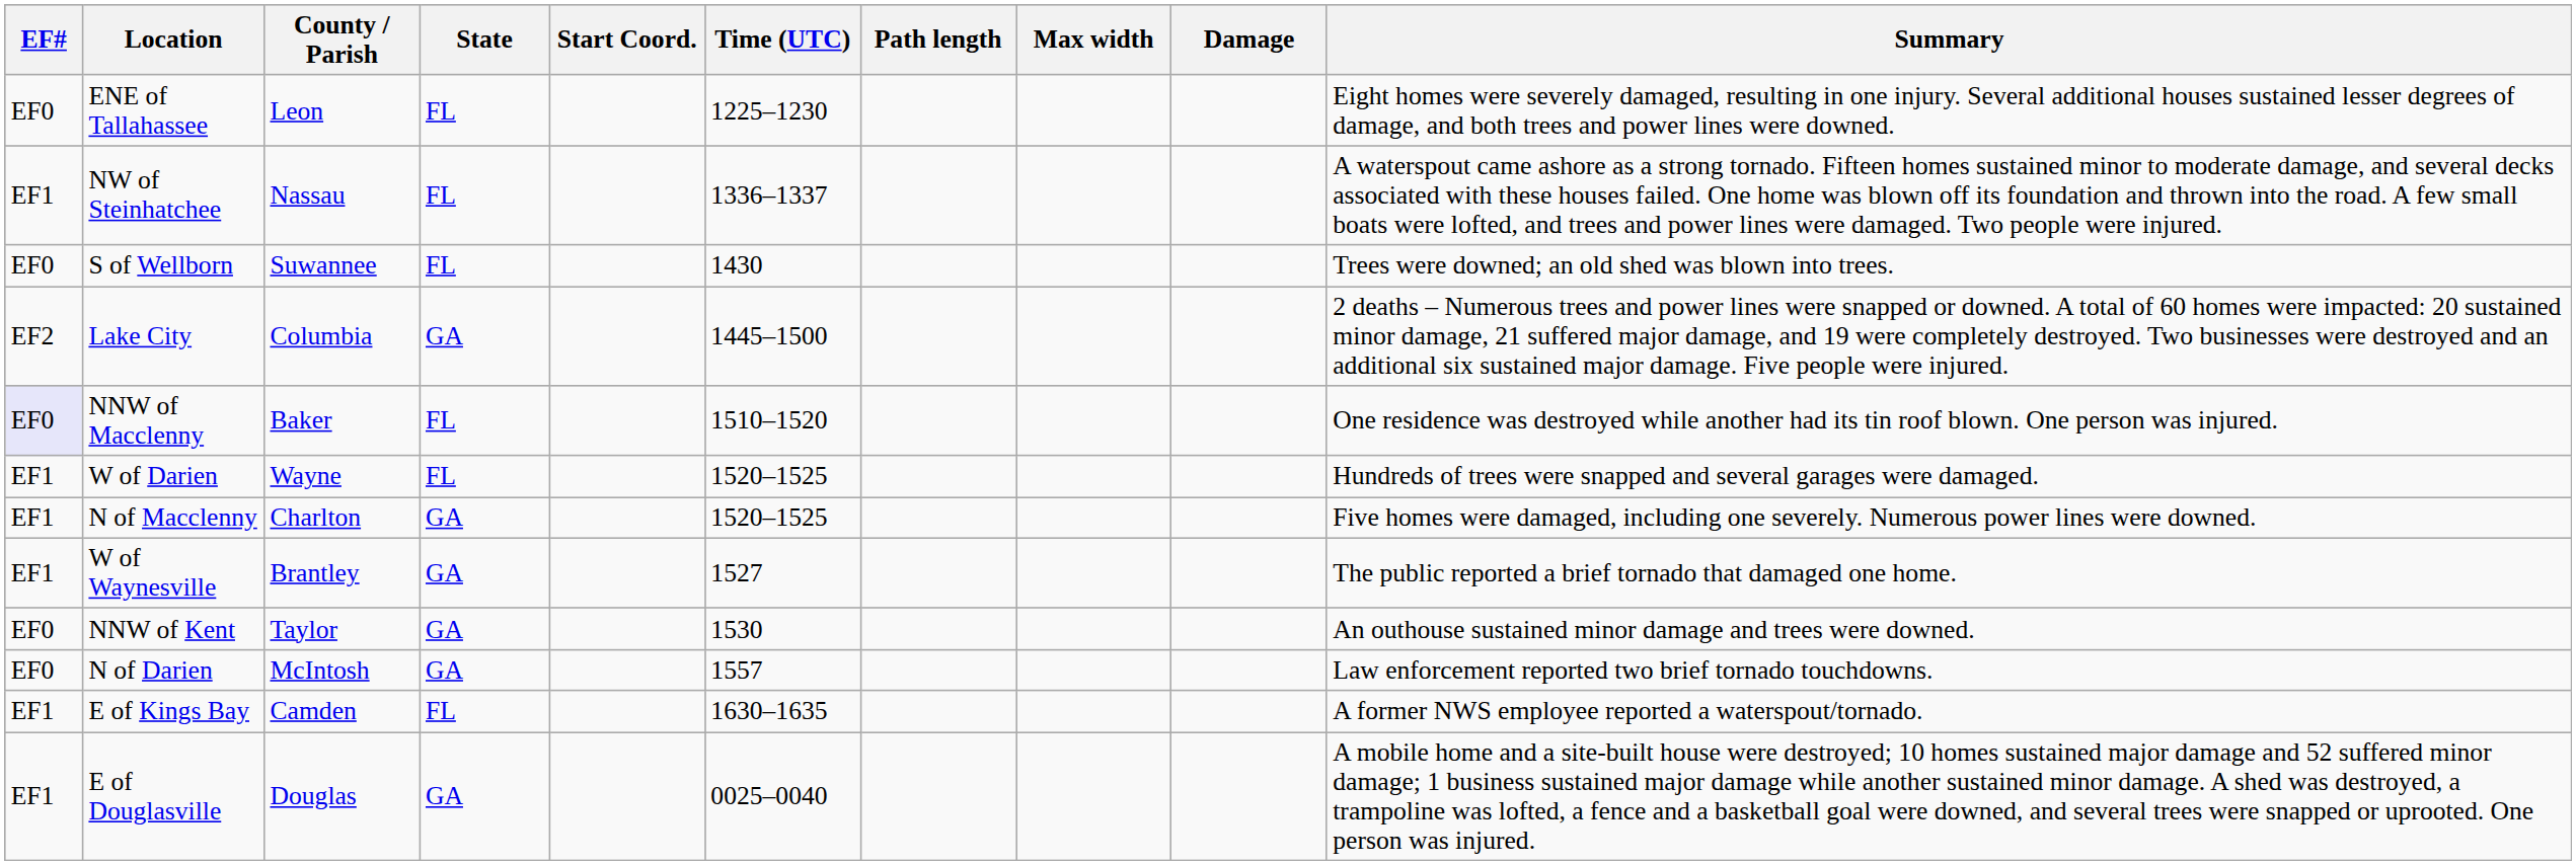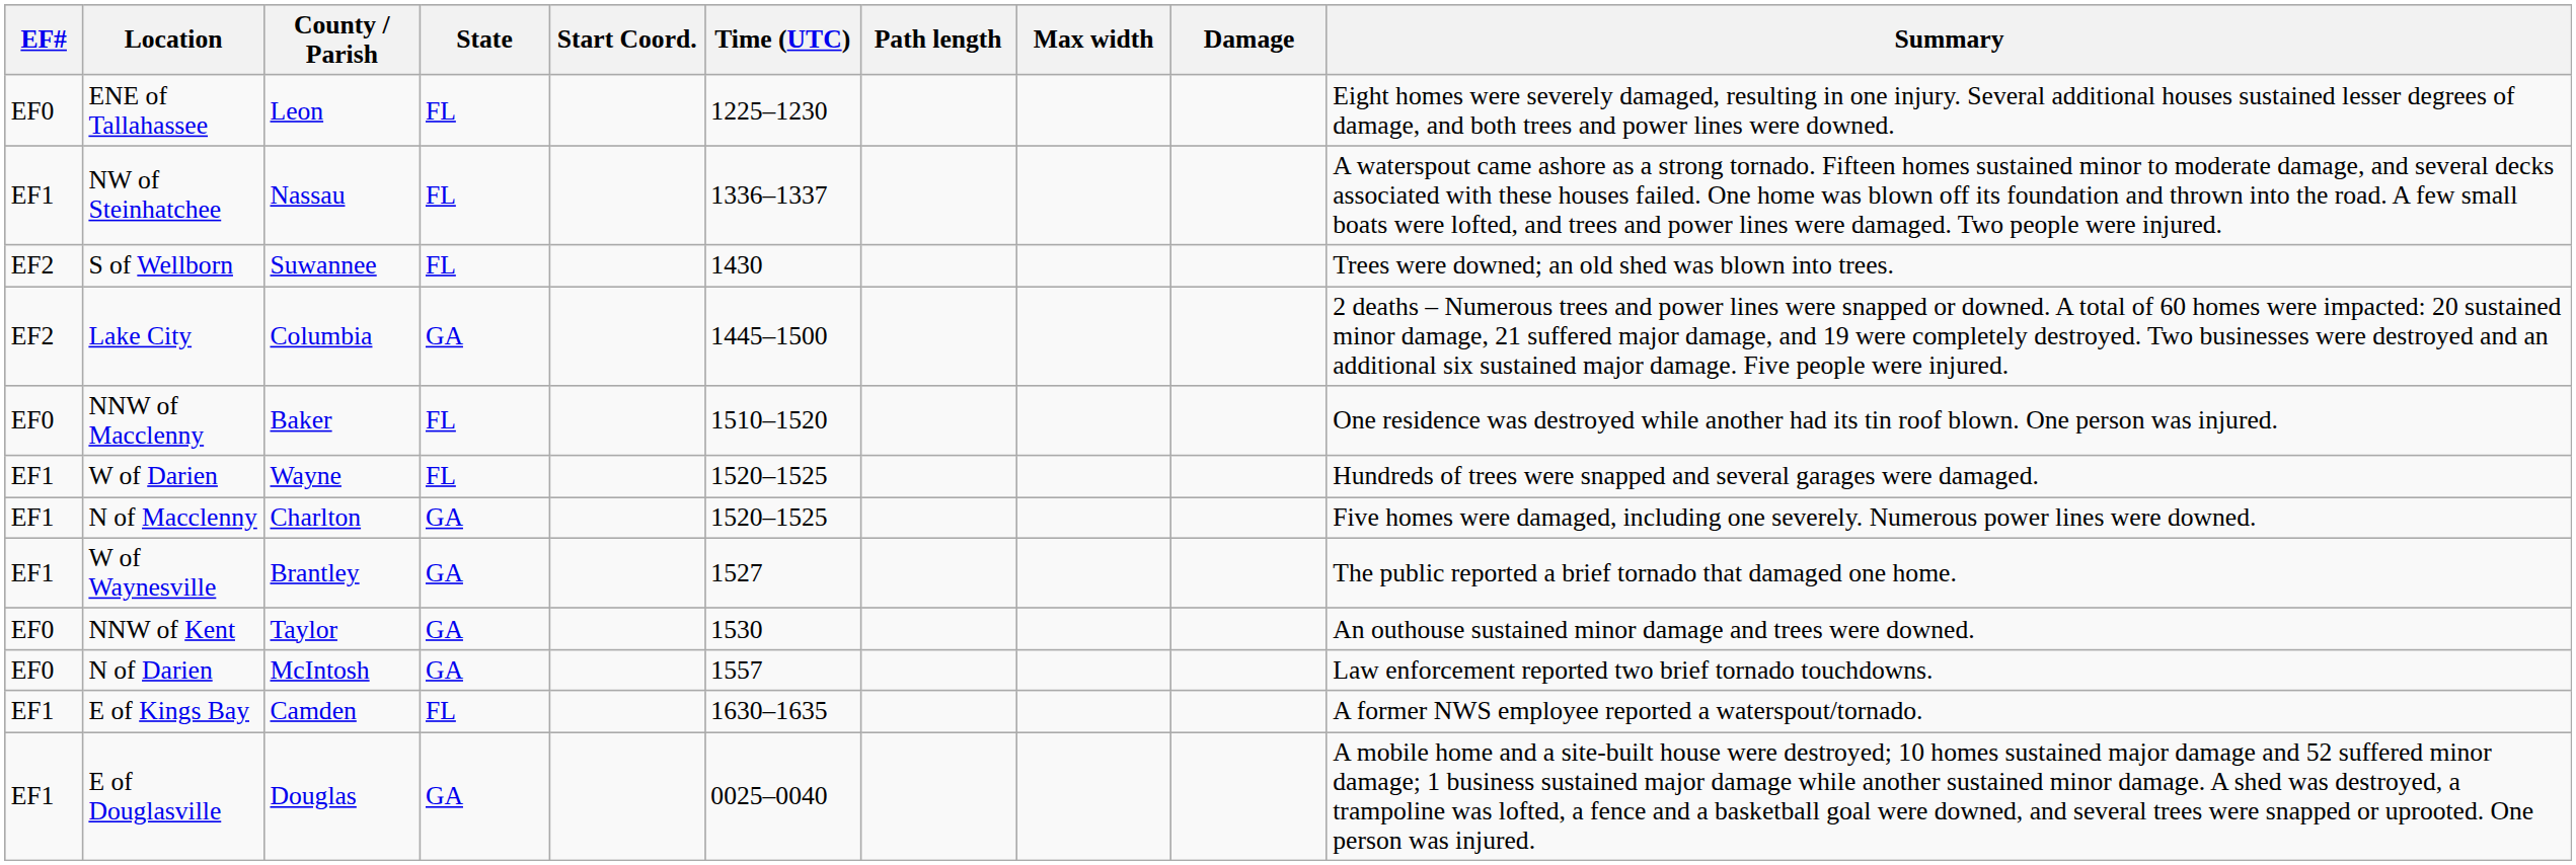 <table class="wikitable sortable" style="width:100%;">
 <tr>
 <th scope="col" width="3%" align="center"><a href='#'>EF#</a></th>
 <th scope="col" width="7%" align="center" class="unsortable">Location</th>
 <th scope="col" width="6%" align="center" class="unsortable">County / Parish</th>
 <th scope="col" width="5%" align="center">State</th>
 <th scope="col" width="6%" align="center">Start Coord.</th>
 <th scope="col" width="6%" align="center">Time (<a href='#'>UTC</a>)</th>
 <th scope="col" width="6%" align="center">Path length</th>
 <th scope="col" width="6%" align="center">Max width</th>
 <th scope="col" width="6%" align="center">Damage</th>
 <th scope="col" width="48%" class="unsortable" align="center">Summary</th>
 </tr>
 <tr>
 <td>EF0</td>
 <td>ENE of <a href='#'>Tallahassee</a></td>
 <td><a href='#'>Leon</a></td>
 <td><a href='#'>FL</a></td>
 <td></td>
 <td>1225–1230</td>
 <td></td>
 <td></td>
 <td></td>
 <td>Eight homes were severely damaged, resulting in one injury. Several additional houses sustained lesser degrees of damage, and both trees and power lines were downed.</td>
 </tr>
 <tr>
 <td>EF1</td>
 <td>NW of <a href='#'>Steinhatchee</a></td>
 <td><a href='#'>Nassau</a></td>
 <td><a href='#'>FL</a></td>
 <td></td>
 <td>1336–1337</td>
 <td></td>
 <td></td>
 <td></td>
 <td>A waterspout came ashore as a strong tornado. Fifteen homes sustained minor to moderate damage, and several decks associated with these houses failed. One home was blown off its foundation and thrown into the road. A few small boats were lofted, and trees and power lines were damaged. Two people were injured.</td>
 </tr>
 <tr>
-<td>EF0</td>
+<td>EF2</td>
 <td>S of <a href='#'>Wellborn</a></td>
 <td><a href='#'>Suwannee</a></td>
 <td><a href='#'>FL</a></td>
 <td></td>
 <td>1430</td>
 <td></td>
 <td></td>
 <td></td>
 <td>Trees were downed; an old shed was blown into trees.</td>
 </tr>
 <tr>
 <td>EF2</td>
 <td><a href='#'>Lake City</a></td>
 <td><a href='#'>Columbia</a></td>
 <td><a href='#'>GA</a></td>
 <td></td>
 <td>1445–1500</td>
 <td></td>
 <td></td>
 <td></td>
 <td>2 deaths – Numerous trees and power lines were snapped or downed. A total of 60 homes were impacted: 20 sustained minor damage, 21 suffered major damage, and 19 were completely destroyed. Two businesses were destroyed and an additional six sustained major damage. Five people were injured.</td>
 </tr>
 <tr>
-<td style="background: lavender;">EF0</td>
+<td>EF0</td>
 <td>NNW of <a href='#'>Macclenny</a></td>
 <td><a href='#'>Baker</a></td>
 <td><a href='#'>FL</a></td>
 <td></td>
 <td>1510–1520</td>
 <td></td>
 <td></td>
 <td></td>
 <td>One residence was destroyed while another had its tin roof blown. One person was injured.</td>
 </tr>
 <tr>
 <td>EF1</td>
 <td>W of <a href='#'>Darien</a></td>
 <td><a href='#'>Wayne</a></td>
 <td><a href='#'>FL</a></td>
 <td></td>
 <td>1520–1525</td>
 <td></td>
 <td></td>
 <td></td>
 <td>Hundreds of trees were snapped and several garages were damaged.</td>
 </tr>
 <tr>
 <td>EF1</td>
 <td>N of <a href='#'>Macclenny</a></td>
 <td><a href='#'>Charlton</a></td>
 <td><a href='#'>GA</a></td>
 <td></td>
 <td>1520–1525</td>
 <td></td>
 <td></td>
 <td></td>
 <td>Five homes were damaged, including one severely. Numerous power lines were downed.</td>
 </tr>
 <tr>
 <td>EF1</td>
 <td>W of <a href='#'>Waynesville</a></td>
 <td><a href='#'>Brantley</a></td>
 <td><a href='#'>GA</a></td>
 <td></td>
 <td>1527</td>
 <td></td>
 <td></td>
 <td></td>
 <td>The public reported a brief tornado that damaged one home.</td>
 </tr>
 <tr>
 <td>EF0</td>
 <td>NNW of <a href='#'>Kent</a></td>
 <td><a href='#'>Taylor</a></td>
 <td><a href='#'>GA</a></td>
 <td></td>
 <td>1530</td>
 <td></td>
 <td></td>
 <td></td>
 <td>An outhouse sustained minor damage and trees were downed.</td>
 </tr>
 <tr>
 <td>EF0</td>
 <td>N of <a href='#'>Darien</a></td>
 <td><a href='#'>McIntosh</a></td>
 <td><a href='#'>GA</a></td>
 <td></td>
 <td>1557</td>
 <td></td>
 <td></td>
 <td></td>
 <td>Law enforcement reported two brief tornado touchdowns.</td>
 </tr>
 <tr>
 <td>EF1</td>
 <td>E of <a href='#'>Kings Bay</a></td>
 <td><a href='#'>Camden</a></td>
 <td><a href='#'>FL</a></td>
 <td></td>
 <td>1630–1635</td>
 <td></td>
 <td></td>
 <td></td>
 <td>A former NWS employee reported a waterspout/tornado.</td>
 </tr>
 <tr>
 <td>EF1</td>
 <td>E of <a href='#'>Douglasville</a></td>
 <td><a href='#'>Douglas</a></td>
 <td><a href='#'>GA</a></td>
 <td></td>
 <td>0025–0040</td>
 <td></td>
 <td></td>
 <td></td>
 <td>A mobile home and a site-built house were destroyed; 10 homes sustained major damage and 52 suffered minor damage; 1 business sustained major damage while another sustained minor damage. A shed was destroyed, a trampoline was lofted, a fence and a basketball goal were downed, and several trees were snapped or uprooted. One person was injured.</td>
 </tr>
 <tr>
 </tr>
 </table>
